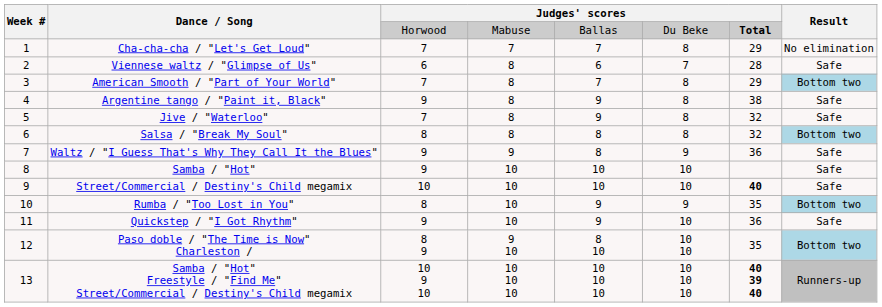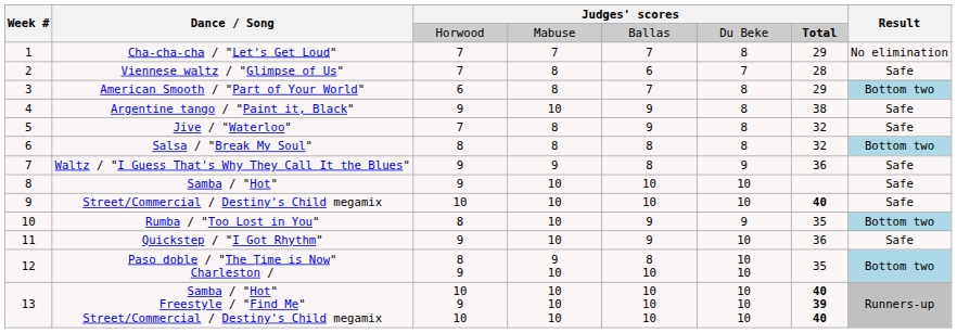 <table class="wikitable collapsible collapsed">
 <tr>
 <th rowspan="2">Week #</th>
 <th rowspan="2">Dance / Song</th>
 <th colspan="5">Judges' scores</th>
 <th rowspan="2">Result</th>
 </tr>
 <tr style="text-align:center; background:#ccc;">
 <td style="width:10%; ">Horwood</td>
 <td style="width:10%; ">Mabuse</td>
 <td style="width:10%; ">Ballas</td>
 <td style="width:10%; ">Du Beke</td>
 <td style="width:6%; "><strong>Total</strong></td>
 </tr>
 <tr style="text-align: center; background:#faf6f6;">
 <td>1</td>
 <td><a href='#'>Cha-cha-cha</a> / "<a href='#'>Let's Get Loud</a>"</td>
 <td>7</td>
 <td>7</td>
 <td>7</td>
 <td>8</td>
 <td>29</td>
 <td>No elimination</td>
 </tr>
 <tr style="text-align: center; background:#faf6f6;">
 <td>2</td>
 <td><a href='#'>Viennese waltz</a> / "<a href='#'>Glimpse of Us</a>"</td>
-<td>6</td>
+<td>7</td>
 <td>8</td>
 <td>6</td>
 <td>7</td>
 <td>28</td>
 <td>Safe</td>
 </tr>
 <tr style="text-align: center; background:#faf6f6;">
 <td>3</td>
 <td><a href='#'>American Smooth</a> / "<a href='#'>Part of Your World</a>"</td>
-<td>7</td>
+<td>6</td>
 <td>8</td>
 <td>7</td>
 <td>8</td>
 <td>29</td>
 <td bgcolor=lightblue>Bottom two</td>
 </tr>
 <tr style="text-align: center; background:#faf6f6;">
 <td>4</td>
 <td><a href='#'>Argentine tango</a> / "<a href='#'>Paint it, Black</a>"</td>
 <td>9</td>
-<td>8</td>
+<td>10</td>
 <td>9</td>
 <td>8</td>
 <td>38</td>
 <td>Safe</td>
 </tr>
 <tr style="text-align: center; background:#faf6f6;">
 <td>5</td>
 <td><a href='#'>Jive</a> / "<a href='#'>Waterloo</a>"</td>
 <td>7</td>
 <td>8</td>
 <td>9</td>
 <td>8</td>
 <td>32</td>
 <td>Safe</td>
 </tr>
 <tr style="text-align: center; background:#faf6f6;">
 <td>6</td>
 <td><a href='#'>Salsa</a> / "<a href='#'>Break My Soul</a>"</td>
 <td>8</td>
 <td>8</td>
 <td>8</td>
 <td>8</td>
 <td>32</td>
 <td bgcolor=lightblue>Bottom two</td>
 </tr>
 <tr style="text-align: center; background:#faf6f6;">
 <td>7</td>
 <td><a href='#'>Waltz</a> / "<a href='#'>I Guess That's Why They Call It the Blues</a>"</td>
 <td>9</td>
 <td>9</td>
 <td>8</td>
 <td>9</td>
 <td>36</td>
 <td>Safe</td>
 </tr>
 <tr style="text-align: center; background:#faf6f6;">
 <td>8</td>
 <td><a href='#'>Samba</a> / "<a href='#'>Hot</a>"</td>
 <td>9</td>
 <td>10</td>
 <td>10</td>
 <td>10</td>
 <td></td>
 <td>Safe</td>
 </tr>
 <tr style="text-align: center;  background:#faf6f6">
 <td>9</td>
 <td><a href='#'>Street/Commercial</a> / <a href='#'>Destiny's Child</a> megamix</td>
 <td>10</td>
 <td>10</td>
 <td>10</td>
 <td>10</td>
 <td><span><strong>40</strong></span></td>
 <td>Safe</td>
 </tr>
 <tr style="text-align: center; background:#faf6f6;">
 <td>10</td>
 <td><a href='#'>Rumba</a> / "<a href='#'>Too Lost in You</a>"</td>
 <td>8</td>
 <td>10</td>
 <td>9</td>
 <td>9</td>
 <td>35</td>
 <td bgcolor=lightblue>Bottom two</td>
 </tr>
 <tr style="text-align: center; background:#faf6f6;">
 <td>11</td>
 <td><a href='#'>Quickstep</a> / "<a href='#'>I Got Rhythm</a>"</td>
 <td>9</td>
 <td>10</td>
 <td>9</td>
 <td>10</td>
 <td>36</td>
 <td>Safe</td>
 </tr>
 <tr style="text-align: center; background:#faf6f6;">
 <td>12</td>
 <td><a href='#'>Paso doble</a> / "<a href='#'>The Time is Now</a>"<br><a href='#'>Charleston</a> / </td>
 <td>8<br>9</td>
 <td>9<br>10</td>
 <td>8<br>10</td>
 <td>10<br>10</td>
 <td>35<br></td>
 <td bgcolor=lightblue>Bottom two</td>
 </tr>
 <tr style="text-align: center; background:#faf6f6;">
 <td>13</td>
 <td><a href='#'>Samba</a> / "<a href='#'>Hot</a>"<br><a href='#'>Freestyle</a> / "<a href='#'>Find Me</a>"<br><a href='#'>Street/Commercial</a> / <a href='#'>Destiny's Child</a> megamix</td>
 <td>10<br>9<br>10</td>
 <td>10<br>10<br>10</td>
 <td>10<br>10<br>10</td>
 <td>10<br>10<br>10</td>
 <td><span><strong>40</strong></span><br><span><strong>39</strong></span><br><span><strong>40</strong></span></td>
 <td style="background-color:silver">Runners-up</td>
 </tr>
 </table>
